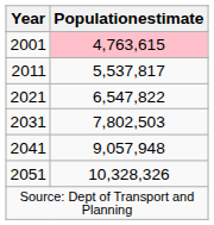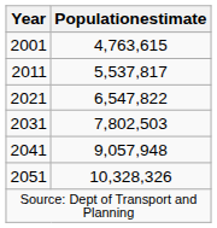 <table class="wikitable" style="float:right; margin-left:.5em; font-size:90%;">
 <tr>
 <th>Year</th>
 <th>Populationestimate</th>
 </tr>
 <tr>
 <td style="text-align:right;">2001</td>
-<td style="background: pink; text-align:center;">4,763,615</td>
+<td style="text-align:center;">4,763,615</td>
 </tr>
 <tr>
 <td style="text-align:right;">2011</td>
 <td style="text-align:center;">5,537,817</td>
 </tr>
 <tr>
 <td style="text-align:right;">2021</td>
 <td style="text-align:center;">6,547,822</td>
 </tr>
 <tr>
 <td style="text-align:right;">2031</td>
 <td style="text-align:center;">7,802,503</td>
 </tr>
 <tr>
 <td style="text-align:right;">2041</td>
 <td style="text-align:center;">9,057,948</td>
 </tr>
 <tr>
 <td style="text-align:right;">2051</td>
 <td style="text-align:center;">10,328,326</td>
 </tr>
 <tr>
 <td colspan="2"  style="font-size:80%; text-align:center;">Source: Dept of Transport and<br> Planning</td>
 </tr>
 </table>
